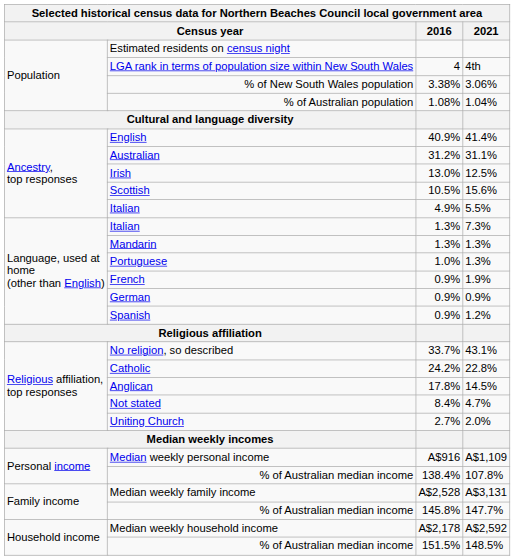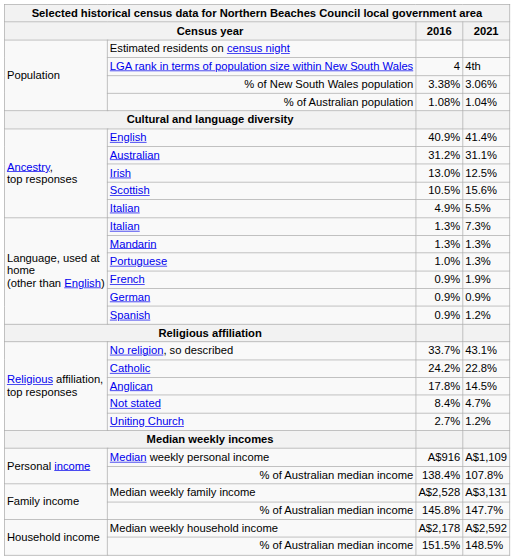 <table class="wikitable">
 <tr>
 <th colspan="6">Selected historical census data for Northern Beaches Council local government area</th>
 </tr>
 <tr>
 <th colspan="3">Census year</th>
 <th>2016</th>
 <th>2021</th>
 </tr>
 <tr>
 <td colspan="2" rowspan="4">Population</td>
 <td>Estimated residents on <a href='#'>census night</a></td>
 <td align="right"></td>
 <td> </td>
 </tr>
 <tr>
 <td align="right"><a href='#'>LGA rank in terms of population size within New South Wales</a></td>
 <td align="right">4</td>
 <td>4th</td>
 </tr>
 <tr>
 <td align="right">% of New South Wales population</td>
 <td align="right">3.38%</td>
 <td> 3.06%</td>
 </tr>
 <tr>
 <td align="right">% of Australian population</td>
 <td align="right">1.08%</td>
 <td> 1.04%</td>
 </tr>
 <tr>
 <th colspan="3">Cultural and language diversity</th>
 <th></th>
 <th></th>
 </tr>
 <tr>
 <td colspan="2" rowspan="5"><a href='#'>Ancestry</a>,<br>top responses</td>
 <td><a href='#'>English</a></td>
 <td align="right">40.9%</td>
 <td> 41.4%</td>
 </tr>
 <tr>
 <td><a href='#'>Australian</a></td>
 <td align="right">31.2%</td>
 <td> 31.1%</td>
 </tr>
 <tr>
 <td><a href='#'>Irish</a></td>
 <td align="right">13.0%</td>
 <td> 12.5%</td>
 </tr>
 <tr>
 <td><a href='#'>Scottish</a></td>
 <td align="right">10.5%</td>
 <td> 15.6%</td>
 </tr>
 <tr>
 <td><a href='#'>Italian</a></td>
 <td align="right">4.9%</td>
 <td> 5.5%</td>
 </tr>
 <tr>
 <td colspan="2" rowspan="6">Language, used at<br>home<br>(other than <a href='#'>English</a>)</td>
 <td><a href='#'>Italian</a></td>
 <td align="right">1.3%</td>
 <td> 7.3%</td>
 </tr>
 <tr>
 <td><a href='#'>Mandarin</a></td>
 <td align="right">1.3%</td>
 <td> 1.3%</td>
 </tr>
 <tr>
 <td><a href='#'>Portuguese</a></td>
 <td align="right">1.0%</td>
 <td> 1.3%</td>
 </tr>
 <tr>
 <td><a href='#'>French</a></td>
 <td align="right">0.9%</td>
 <td> 1.9%</td>
 </tr>
 <tr>
 <td><a href='#'>German</a></td>
 <td align="right">0.9%</td>
 <td> 0.9%</td>
 </tr>
 <tr>
 <td><a href='#'>Spanish</a></td>
 <td align="right">0.9%</td>
 <td> 1.2%</td>
 </tr>
 <tr>
 <th colspan="3">Religious affiliation</th>
 <th></th>
 <th></th>
 </tr>
 <tr>
 <td colspan="2" rowspan="5"><a href='#'>Religious</a> affiliation,<br>top responses</td>
 <td><a href='#'>No religion</a>, so described</td>
 <td align="right">33.7%</td>
 <td> 43.1%</td>
 </tr>
 <tr>
 <td><a href='#'>Catholic</a></td>
 <td align="right">24.2%</td>
 <td> 22.8%</td>
 </tr>
 <tr>
 <td><a href='#'>Anglican</a></td>
 <td align="right">17.8%</td>
 <td> 14.5%</td>
 </tr>
 <tr>
 <td><a href='#'>Not stated</a></td>
 <td align="right">8.4%</td>
 <td> 4.7%</td>
 </tr>
 <tr>
 <td><a href='#'>Uniting Church</a></td>
 <td align="right">2.7%</td>
-<td> 2.0%</td>
+<td> 1.2%</td>
 </tr>
 <tr>
 <th colspan="3">Median weekly incomes</th>
 <th></th>
 <th></th>
 </tr>
 <tr>
 <td colspan="2" rowspan="2">Personal <a href='#'>income</a></td>
 <td><a href='#'>Median</a> weekly personal income</td>
 <td align="right">A$916</td>
 <td>A$1,109</td>
 </tr>
 <tr>
 <td align="right">% of Australian median income</td>
 <td align="right">138.4%</td>
 <td>107.8%</td>
 </tr>
 <tr>
 <td colspan="2" rowspan="2">Family income</td>
 <td>Median weekly family income</td>
 <td align="right">A$2,528</td>
 <td>A$3,131</td>
 </tr>
 <tr>
 <td align="right">% of Australian median income</td>
 <td align="right">145.8%</td>
 <td>147.7%</td>
 </tr>
 <tr>
 <td colspan="2" rowspan="2">Household income</td>
 <td>Median weekly household income</td>
 <td align="right">A$2,178</td>
 <td>A$2,592</td>
 </tr>
 <tr>
 <td align="right">% of Australian median income</td>
 <td align="right">151.5%</td>
 <td>148.5%</td>
 </tr>
 </table>
